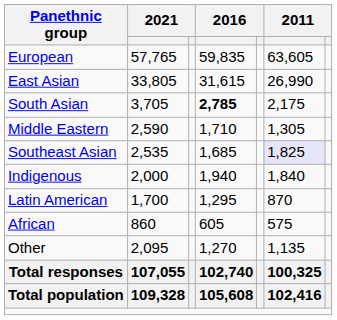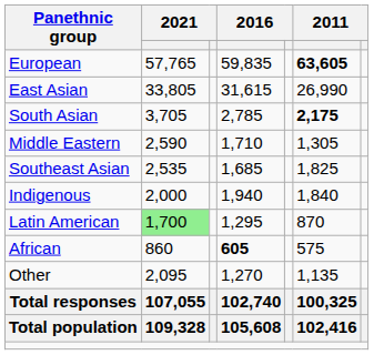 <table class="wikitable collapsible sortable">
 <tr>
 <th rowspan="2"><a href='#'>Panethnic</a><br>group</th>
 <th colspan="2">2021</th>
 <th colspan="2">2016</th>
 <th colspan="2">2011</th>
 </tr>
 <tr>
 <th><a href='#'></a></th>
 <th></th>
 <th></th>
 <th></th>
 <th></th>
 <th></th>
 </tr>
 <tr>
 <td><a href='#'>European</a></td>
 <td>57,765</td>
 <td></td>
 <td>59,835</td>
 <td></td>
-<td>63,605</td>
+<td><strong>63,605</strong></td>
 <td></td>
 </tr>
 <tr>
 <td><a href='#'>East Asian</a></td>
 <td>33,805</td>
 <td></td>
 <td>31,615</td>
 <td></td>
 <td>26,990</td>
 <td></td>
 </tr>
 <tr>
 <td><a href='#'>South Asian</a></td>
 <td>3,705</td>
 <td></td>
-<td><strong>2,785</strong></td>
+<td>2,785</td>
 <td></td>
-<td>2,175</td>
+<td><strong>2,175</strong></td>
 <td></td>
 </tr>
 <tr>
 <td><a href='#'>Middle Eastern</a></td>
 <td>2,590</td>
 <td></td>
 <td>1,710</td>
 <td></td>
 <td>1,305</td>
 <td></td>
 </tr>
 <tr>
 <td><a href='#'>Southeast Asian</a></td>
 <td>2,535</td>
 <td></td>
 <td>1,685</td>
 <td></td>
-<td style="background: lavender;">1,825</td>
+<td>1,825</td>
 <td></td>
 </tr>
 <tr>
 <td><a href='#'>Indigenous</a></td>
 <td>2,000</td>
 <td></td>
 <td>1,940</td>
 <td></td>
 <td>1,840</td>
 <td></td>
 </tr>
 <tr>
 <td><a href='#'>Latin American</a></td>
-<td>1,700</td>
+<td style="background: lightgreen;">1,700</td>
 <td></td>
 <td>1,295</td>
 <td></td>
 <td>870</td>
 <td></td>
 </tr>
 <tr>
 <td><a href='#'>African</a></td>
 <td>860</td>
 <td></td>
-<td>605</td>
+<td><strong>605</strong></td>
 <td></td>
 <td>575</td>
 <td></td>
 </tr>
 <tr>
 <td>Other</td>
 <td>2,095</td>
 <td></td>
 <td>1,270</td>
 <td></td>
 <td>1,135</td>
 <td></td>
 </tr>
 <tr>
 <th>Total responses</th>
 <th>107,055</th>
 <th></th>
 <th>102,740</th>
 <th></th>
 <th>100,325</th>
 <th></th>
 </tr>
 <tr>
 <th>Total population</th>
 <th>109,328</th>
 <th></th>
 <th>105,608</th>
 <th></th>
 <th>102,416</th>
 <th></th>
 </tr>
 <tr class="sortbottom">
 <td colspan="15"></td>
 </tr>
 </table>
